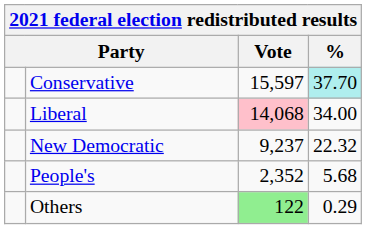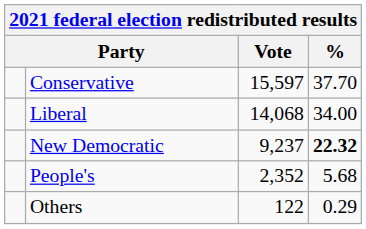 <table class="wikitable">
 <tr>
 <th colspan="4"><a href='#'>2021 federal election</a> redistributed results</th>
 </tr>
 <tr>
 <th bgcolor="#DDDDFF" width="130px" colspan="2">Party</th>
 <th bgcolor="#DDDDFF" width="50px">Vote</th>
 <th bgcolor="#DDDDFF" width="30px">%</th>
 </tr>
 <tr>
 <td> </td>
 <td><a href='#'>Conservative</a></td>
 <td align=right>15,597</td>
-<td align=right style="background: paleturquoise;">37.70</td>
+<td align=right>37.70</td>
 </tr>
 <tr>
 <td> </td>
 <td><a href='#'>Liberal</a></td>
-<td align=right style="background: pink;">14,068</td>
+<td align=right>14,068</td>
 <td align=right>34.00</td>
 </tr>
 <tr>
 <td> </td>
 <td><a href='#'>New Democratic</a></td>
 <td align=right>9,237</td>
-<td align=right>22.32</td>
+<td align=right><strong>22.32</strong></td>
 </tr>
 <tr>
 <td> </td>
 <td><a href='#'>People's</a></td>
 <td align=right>2,352</td>
 <td align=right>5.68</td>
 </tr>
 <tr>
 <td> </td>
 <td>Others</td>
-<td align=right style="background: lightgreen;">122</td>
+<td align=right>122</td>
 <td align=right>0.29</td>
 </tr>
 </table>
